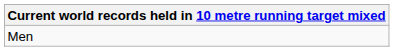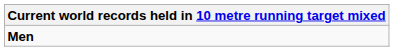 <table class="wikitable" style="font-size: 95%">
 <tr>
 <th colspan=7>Current world records held in <a href='#'>10 metre running target mixed</a></th>
 </tr>
 <tr>
-<td>Men<br></td>
+<td><strong>Men<br></strong></td>
 </tr>
 </table>
